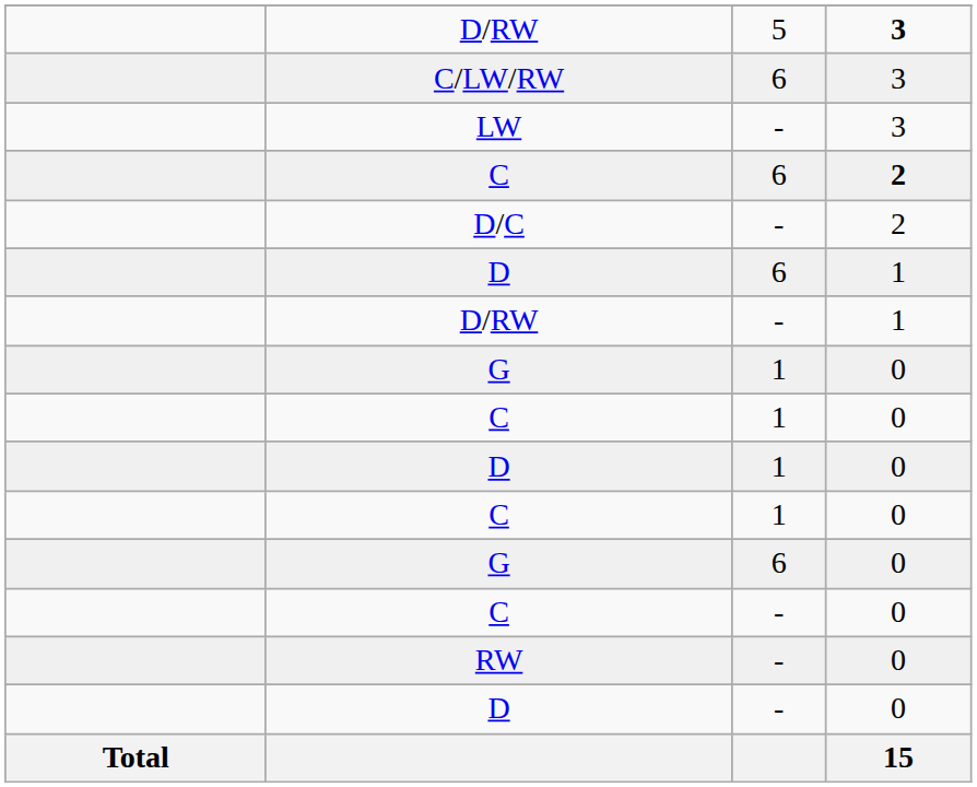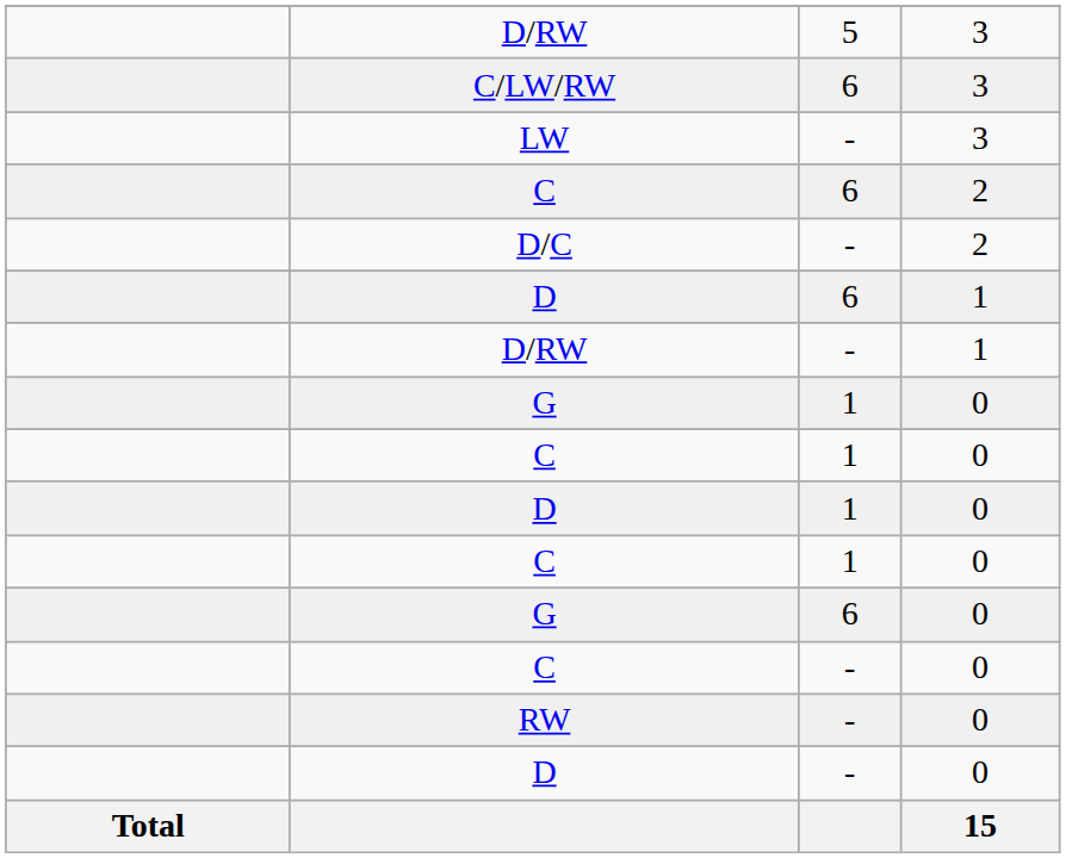 <table class="wikitable sortable" width ="40%">
 <tr align="center">
 </tr>
 <tr align="center" bgcolor="">
 <td></td>
 <td><a href='#'>D</a>/<a href='#'>RW</a></td>
 <td>5</td>
-<td><strong>3</strong></td>
+<td>3</td>
 </tr>
 <tr align="center" bgcolor="f0f0f0">
 <td></td>
 <td><a href='#'>C</a>/<a href='#'>LW</a>/<a href='#'>RW</a></td>
 <td>6</td>
 <td>3</td>
 </tr>
 <tr align="center" bgcolor="">
 <td></td>
 <td><a href='#'>LW</a></td>
 <td>-</td>
 <td>3</td>
 </tr>
 <tr align="center" bgcolor="f0f0f0">
 <td></td>
 <td><a href='#'>C</a></td>
 <td>6</td>
-<td><strong>2</strong></td>
+<td>2</td>
 </tr>
 <tr align="center" bgcolor="">
 <td></td>
 <td><a href='#'>D</a>/<a href='#'>C</a></td>
 <td>-</td>
 <td>2</td>
 </tr>
 <tr align="center" bgcolor="f0f0f0">
 <td></td>
 <td><a href='#'>D</a></td>
 <td>6</td>
 <td>1</td>
 </tr>
 <tr align="center" bgcolor="">
 <td></td>
 <td><a href='#'>D</a>/<a href='#'>RW</a></td>
 <td>-</td>
 <td>1</td>
 </tr>
 <tr align="center" bgcolor="f0f0f0">
 <td></td>
 <td><a href='#'>G</a></td>
 <td>1</td>
 <td>0</td>
 </tr>
 <tr align="center" bgcolor="">
 <td></td>
 <td><a href='#'>C</a></td>
 <td>1</td>
 <td>0</td>
 </tr>
 <tr align="center" bgcolor="f0f0f0">
 <td></td>
 <td><a href='#'>D</a></td>
 <td>1</td>
 <td>0</td>
 </tr>
 <tr align="center" bgcolor="">
 <td></td>
 <td><a href='#'>C</a></td>
 <td>1</td>
 <td>0</td>
 </tr>
 <tr align="center" bgcolor="f0f0f0">
 <td></td>
 <td><a href='#'>G</a></td>
 <td>6</td>
 <td>0</td>
 </tr>
 <tr align="center" bgcolor="">
 <td></td>
 <td><a href='#'>C</a></td>
 <td>-</td>
 <td>0</td>
 </tr>
 <tr align="center" bgcolor="f0f0f0">
 <td></td>
 <td><a href='#'>RW</a></td>
 <td>-</td>
 <td>0</td>
 </tr>
 <tr align="center" bgcolor="">
 <td></td>
 <td><a href='#'>D</a></td>
 <td>-</td>
 <td>0</td>
 </tr>
 <tr>
 <th>Total</th>
 <th></th>
 <th></th>
 <th>15</th>
 </tr>
 </table>
